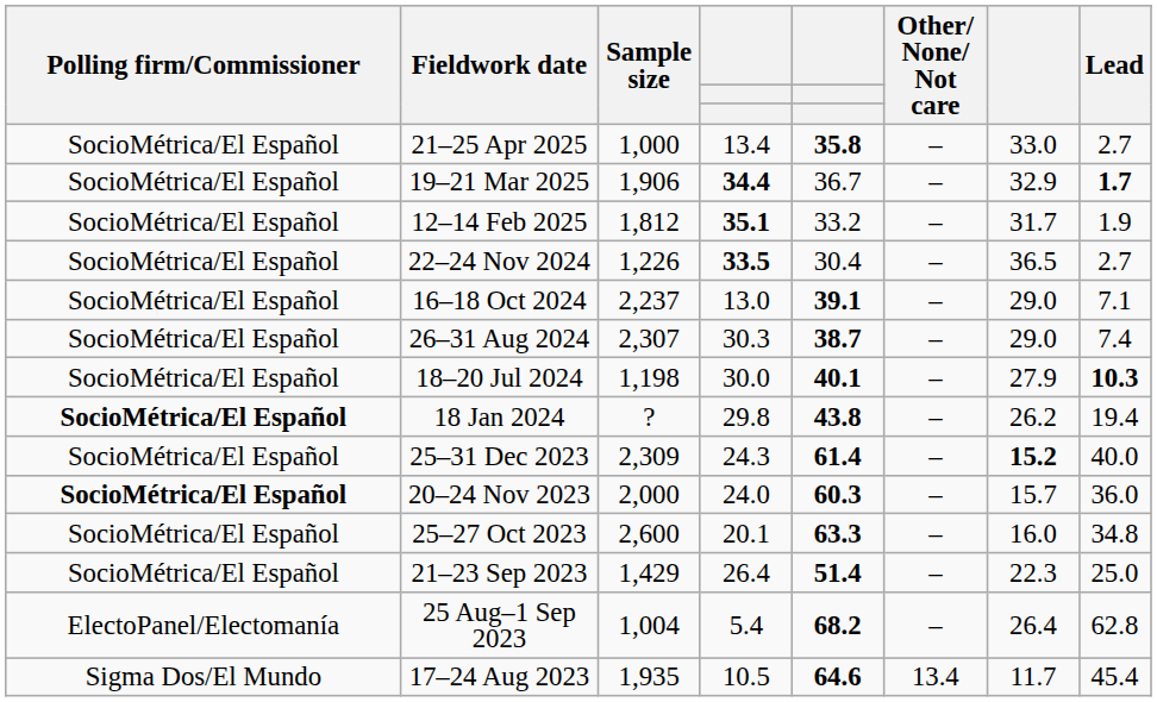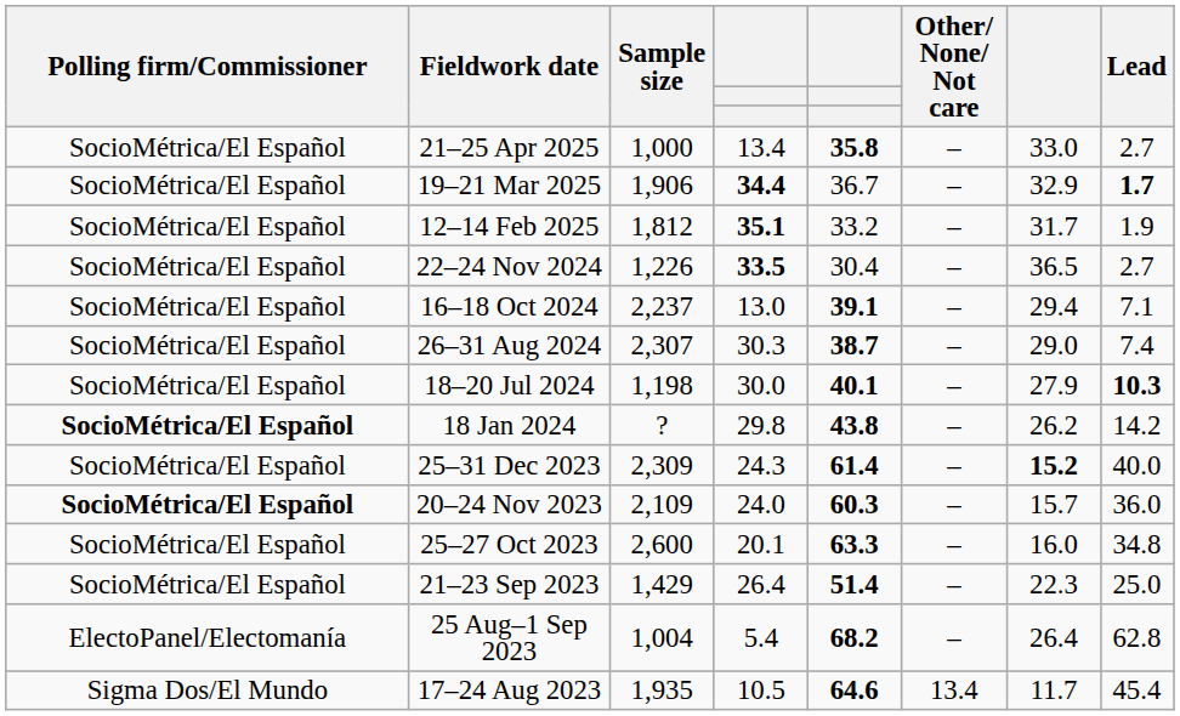 <table class="wikitable collapsible collapsed" style="text-align:center; font-size:90%; line-height:14px;">
 <tr style="height:42px;">
 <th style="width:250px;" rowspan="3">Polling firm/Commissioner</th>
 <th style="width:125px;" rowspan="3">Fieldwork date</th>
 <th style="width:50px;" rowspan="3">Sample size</th>
 <th style="width:55px;"></th>
 <th style="width:55px;"></th>
 <th style="width:55px;" rowspan="3">Other/<br>None/<br>Not<br>care</th>
 <th style="width:55px;" rowspan="3"></th>
 <th style="width:30px;" rowspan="3">Lead</th>
 </tr>
 <tr>
 <th style="color:inherit;background:"></th>
 <th style="color:inherit;background:"></th>
 </tr>
 <tr>
 <th></th>
 <th></th>
 </tr>
 <tr>
 <td>SocioMétrica/El Español</td>
 <td>21–25 Apr 2025</td>
 <td>1,000</td>
 <td>13.4</td>
 <td><strong>35.8</strong></td>
 <td>–</td>
 <td>33.0</td>
 <td style="background:">2.7</td>
 </tr>
 <tr>
 <td>SocioMétrica/El Español</td>
 <td>19–21 Mar 2025</td>
 <td>1,906</td>
 <td><strong>34.4</strong></td>
 <td>36.7</td>
 <td>–</td>
 <td>32.9</td>
 <td style="background:"><strong>1.7</strong></td>
 </tr>
 <tr>
 <td>SocioMétrica/El Español</td>
 <td>12–14 Feb 2025</td>
 <td>1,812</td>
 <td><strong>35.1</strong></td>
 <td>33.2</td>
 <td>–</td>
 <td>31.7</td>
 <td style="background:">1.9</td>
 </tr>
 <tr>
 <td>SocioMétrica/El Español</td>
 <td>22–24 Nov 2024</td>
 <td>1,226</td>
 <td><strong>33.5</strong></td>
 <td>30.4</td>
 <td>–</td>
 <td>36.5</td>
 <td style="background:">2.7</td>
 </tr>
 <tr>
 <td>SocioMétrica/El Español</td>
 <td>16–18 Oct 2024</td>
 <td>2,237</td>
 <td>13.0</td>
 <td><strong>39.1</strong></td>
 <td>–</td>
-<td>29.0</td>
+<td>29.4</td>
 <td style="background:">7.1</td>
 </tr>
 <tr>
 <td>SocioMétrica/El Español</td>
 <td>26–31 Aug 2024</td>
 <td>2,307</td>
 <td>30.3</td>
 <td><strong>38.7</strong></td>
 <td>–</td>
 <td>29.0</td>
 <td style="background:">7.4</td>
 </tr>
 <tr>
 <td>SocioMétrica/El Español</td>
 <td>18–20 Jul 2024</td>
 <td>1,198</td>
 <td>30.0</td>
 <td><strong>40.1</strong></td>
 <td>–</td>
 <td>27.9</td>
 <td style="background:"><strong>10.3</strong></td>
 </tr>
 <tr>
 <td><strong>SocioMétrica/El Español</strong></td>
 <td>18 Jan 2024</td>
 <td>?</td>
 <td>29.8</td>
 <td><strong>43.8</strong></td>
 <td>–</td>
 <td>26.2</td>
-<td style="background:">19.4</td>
+<td style="background:">14.2</td>
 </tr>
 <tr>
 <td>SocioMétrica/El Español</td>
 <td>25–31 Dec 2023</td>
 <td>2,309</td>
 <td>24.3</td>
 <td><strong>61.4</strong></td>
 <td>–</td>
 <td><strong>15.2</strong></td>
 <td style="background:">40.0</td>
 </tr>
 <tr>
 <td><strong>SocioMétrica/El Español</strong></td>
 <td>20–24 Nov 2023</td>
-<td>2,000</td>
+<td>2,109</td>
 <td>24.0</td>
 <td><strong>60.3</strong></td>
 <td>–</td>
 <td>15.7</td>
 <td style="background:">36.0</td>
 </tr>
 <tr>
 <td>SocioMétrica/El Español</td>
 <td>25–27 Oct 2023</td>
 <td>2,600</td>
 <td>20.1</td>
 <td><strong>63.3</strong></td>
 <td>–</td>
 <td>16.0</td>
 <td style="background:">34.8</td>
 </tr>
 <tr>
 <td>SocioMétrica/El Español</td>
 <td>21–23 Sep 2023</td>
 <td>1,429</td>
 <td>26.4</td>
 <td><strong>51.4</strong></td>
 <td>–</td>
 <td>22.3</td>
 <td style="background:">25.0</td>
 </tr>
 <tr>
 <td>ElectoPanel/Electomanía</td>
 <td>25 Aug–1 Sep 2023</td>
 <td>1,004</td>
 <td>5.4</td>
 <td><strong>68.2</strong></td>
 <td>–</td>
 <td>26.4</td>
 <td style="background:">62.8</td>
 </tr>
 <tr>
 <td>Sigma Dos/El Mundo</td>
 <td>17–24 Aug 2023</td>
 <td>1,935</td>
 <td>10.5</td>
 <td><strong>64.6</strong></td>
 <td>13.4</td>
 <td>11.7</td>
 <td style="background:">45.4</td>
 </tr>
 </table>
